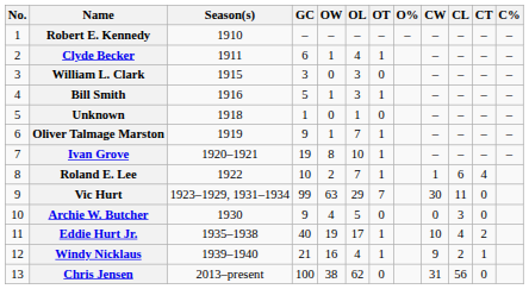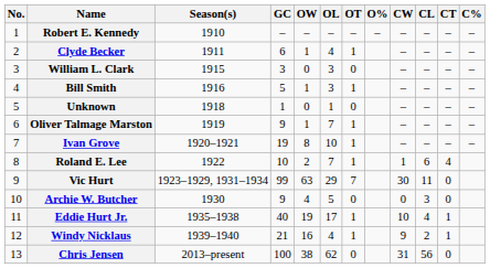 <table class="wikitable sortable plainrowheaders" style="text-align:center">
 <tr>
 <th width=px>No.</th>
 <th width=px>Name</th>
 <th width=px>Season(s)</th>
 <th width=px>GC</th>
 <th width=px>OW</th>
 <th width=px>OL</th>
 <th width=px>OT</th>
 <th width=px>O%</th>
 <th width=px>CW</th>
 <th width=px>CL</th>
 <th width=px>CT</th>
 <th width=px>C%</th>
 </tr>
 <tr>
 <td>1</td>
 <th scope="row">Robert E. Kennedy</th>
 <td>1910</td>
 <td>–</td>
 <td>–</td>
 <td>–</td>
 <td>–</td>
 <td>–</td>
 <td>–</td>
 <td>–</td>
 <td>–</td>
 <td>–</td>
 </tr>
 <tr>
 <td>2</td>
 <th scope="row"><a href='#'>Clyde Becker</a></th>
 <td>1911</td>
 <td>6</td>
 <td>1</td>
 <td>4</td>
 <td>1</td>
 <td></td>
 <td>–</td>
 <td>–</td>
 <td>–</td>
 <td>–</td>
 </tr>
 <tr>
 <td>3</td>
 <th scope="row">William L. Clark</th>
 <td>1915</td>
 <td>3</td>
 <td>0</td>
 <td>3</td>
 <td>0</td>
 <td></td>
 <td>–</td>
 <td>–</td>
 <td>–</td>
 <td>–</td>
 </tr>
 <tr>
 <td>4</td>
 <th scope="row">Bill Smith</th>
 <td>1916</td>
 <td>5</td>
 <td>1</td>
 <td>3</td>
 <td>1</td>
 <td></td>
 <td>–</td>
 <td>–</td>
 <td>–</td>
 <td>–</td>
 </tr>
 <tr>
 <td>5</td>
 <th scope="row">Unknown</th>
 <td>1918</td>
 <td>1</td>
 <td>0</td>
 <td>1</td>
 <td>0</td>
 <td></td>
 <td>–</td>
 <td>–</td>
 <td>–</td>
 <td>–</td>
 </tr>
 <tr>
 <td>6</td>
 <th scope="row">Oliver Talmage Marston</th>
 <td>1919</td>
 <td>9</td>
 <td>1</td>
 <td>7</td>
 <td>1</td>
 <td></td>
 <td>–</td>
 <td>–</td>
 <td>–</td>
 <td>–</td>
 </tr>
 <tr>
 <td>7</td>
 <th scope="row"><a href='#'>Ivan Grove</a></th>
 <td>1920–1921</td>
 <td>19</td>
 <td>8</td>
 <td>10</td>
 <td>1</td>
 <td></td>
 <td>–</td>
 <td>–</td>
 <td>–</td>
 <td>–</td>
 </tr>
 <tr>
 <td>8</td>
 <th scope="row">Roland E. Lee</th>
 <td>1922</td>
 <td>10</td>
 <td>2</td>
 <td>7</td>
 <td>1</td>
 <td></td>
 <td>1</td>
 <td>6</td>
 <td>4</td>
 <td></td>
 </tr>
 <tr>
 <td>9</td>
 <th scope="row">Vic Hurt</th>
 <td>1923–1929, 1931–1934</td>
 <td>99</td>
 <td>63</td>
 <td>29</td>
 <td>7</td>
 <td></td>
 <td>30</td>
 <td>11</td>
 <td>0</td>
 <td></td>
 </tr>
 <tr>
 <td>10</td>
 <th scope="row"><a href='#'>Archie W. Butcher</a></th>
 <td>1930</td>
 <td>9</td>
 <td>4</td>
 <td>5</td>
 <td>0</td>
 <td></td>
 <td>0</td>
 <td>3</td>
 <td>0</td>
 <td></td>
 </tr>
 <tr>
 <td>11</td>
 <th scope="row"><a href='#'>Eddie Hurt Jr.</a></th>
 <td>1935–1938</td>
 <td>40</td>
 <td>19</td>
 <td>17</td>
 <td>1</td>
 <td></td>
 <td>10</td>
 <td>4</td>
-<td>2</td>
+<td>1</td>
 <td></td>
 </tr>
 <tr>
 <td>12</td>
 <th scope="row"><a href='#'>Windy Nicklaus</a></th>
 <td>1939–1940</td>
 <td>21</td>
 <td>16</td>
 <td>4</td>
 <td>1</td>
 <td></td>
 <td>9</td>
 <td>2</td>
 <td>1</td>
 <td></td>
 </tr>
 <tr>
 <td>13</td>
 <th scope="row"><a href='#'>Chris Jensen</a></th>
 <td>2013–present</td>
 <td>100</td>
 <td>38</td>
 <td>62</td>
 <td>0</td>
 <td></td>
 <td>31</td>
 <td>56</td>
 <td>0</td>
 <td></td>
 </tr>
 </table>
